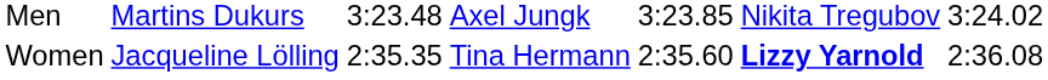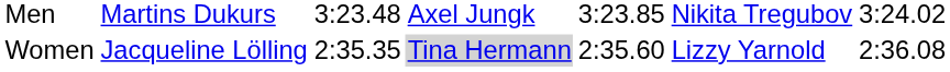 <table>
 <tr>
 <td>Men<br></td>
 <td><a href='#'>Martins Dukurs</a><br></td>
 <td>3:23.48</td>
 <td><a href='#'>Axel Jungk</a><br></td>
 <td>3:23.85</td>
 <td><a href='#'>Nikita Tregubov</a><br></td>
 <td>3:24.02</td>
 </tr>
 <tr>
 <td>Women<br></td>
 <td><a href='#'>Jacqueline Lölling</a><br></td>
 <td>2:35.35</td>
-<td><a href='#'>Tina Hermann</a><br></td>
+<td style="background: lightgrey;"><a href='#'>Tina Hermann</a><br></td>
 <td>2:35.60</td>
-<td><strong><a href='#'>Lizzy Yarnold</a><br></strong></td>
+<td><a href='#'>Lizzy Yarnold</a><br></td>
 <td>2:36.08</td>
 </tr>
 </table>
